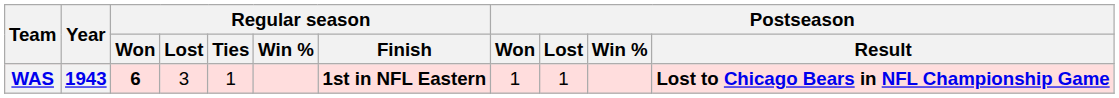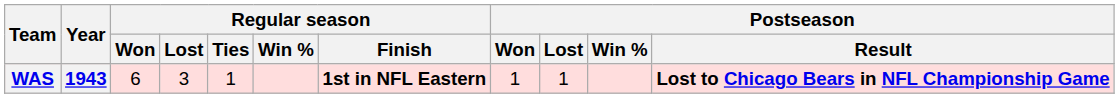 <table class="wikitable" style="font-size:95%; text-align:center;">
 <tr>
 <th rowspan="2">Team</th>
 <th rowspan="2">Year</th>
 <th colspan="5">Regular season</th>
 <th colspan="4">Postseason</th>
 </tr>
 <tr>
 <th>Won</th>
 <th>Lost</th>
 <th>Ties</th>
 <th>Win %</th>
 <th>Finish</th>
 <th>Won</th>
 <th>Lost</th>
 <th>Win %</th>
 <th>Result</th>
 </tr>
 <tr ! style="background:#fdd;">
 <th><a href='#'>WAS</a></th>
 <th><a href='#'>1943</a></th>
-<td><strong>6</strong></td>
+<td>6</td>
 <td>3</td>
 <td>1</td>
 <td></td>
 <td><strong>1st in NFL Eastern</strong></td>
 <td>1</td>
 <td>1</td>
 <td></td>
 <td><strong>Lost to <a href='#'>Chicago Bears</a> in <a href='#'>NFL Championship Game</a></strong></td>
 </tr>
 </table>
